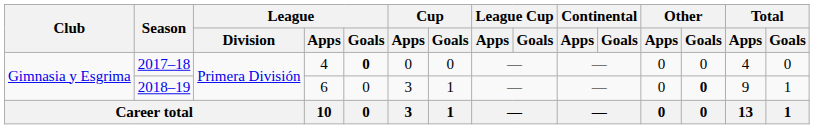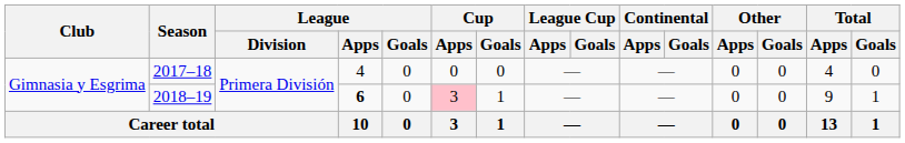 <table class="wikitable" style="text-align:center">
 <tr>
 <th rowspan="2">Club</th>
 <th rowspan="2">Season</th>
 <th colspan="3">League</th>
 <th colspan="2">Cup</th>
 <th colspan="2">League Cup</th>
 <th colspan="2">Continental</th>
 <th colspan="2">Other</th>
 <th colspan="2">Total</th>
 </tr>
 <tr>
 <th>Division</th>
 <th>Apps</th>
 <th>Goals</th>
 <th>Apps</th>
 <th>Goals</th>
 <th>Apps</th>
 <th>Goals</th>
 <th>Apps</th>
 <th>Goals</th>
 <th>Apps</th>
 <th>Goals</th>
 <th>Apps</th>
 <th>Goals</th>
 </tr>
 <tr>
 <td rowspan="2"><a href='#'>Gimnasia y Esgrima</a></td>
 <td><a href='#'>2017–18</a></td>
 <td rowspan="2"><a href='#'>Primera División</a></td>
 <td>4</td>
-<td><strong>0</strong></td>
+<td>0</td>
 <td>0</td>
 <td>0</td>
 <td colspan="2">—</td>
 <td colspan="2">—</td>
 <td>0</td>
 <td>0</td>
 <td>4</td>
 <td>0</td>
 </tr>
 <tr>
 <td><a href='#'>2018–19</a></td>
-<td>6</td>
+<td><strong>6</strong></td>
 <td>0</td>
-<td>3</td>
+<td style="background: pink;">3</td>
 <td>1</td>
 <td colspan="2">—</td>
 <td colspan="2">—</td>
 <td>0</td>
-<td><strong>0</strong></td>
+<td>0</td>
 <td>9</td>
 <td>1</td>
 </tr>
 <tr>
 <th colspan="3">Career total</th>
 <th>10</th>
 <th>0</th>
 <th>3</th>
 <th>1</th>
 <th colspan="2">—</th>
 <th colspan="2">—</th>
 <th>0</th>
 <th>0</th>
 <th>13</th>
 <th>1</th>
 </tr>
 </table>
